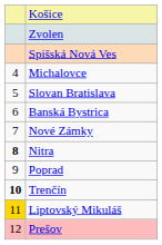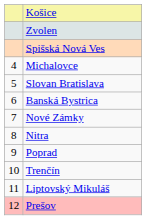 <table class="wikitable" style="width:200px;">
 <tr style="background:#F7F6A8;">
 <td align=center style="width:20px;"></td>
 <td><a href='#'>Košice</a></td>
 </tr>
 <tr style="background:#DCE5E5;">
 <td align=center></td>
 <td><a href='#'>Zvolen</a></td>
 </tr>
 <tr style="background:#FFDAB9;">
 <td align=center></td>
 <td><a href='#'>Spišská Nová Ves</a></td>
 </tr>
 <tr>
 <td align=center>4</td>
 <td><a href='#'>Michalovce</a></td>
 </tr>
 <tr>
 <td align=center>5</td>
 <td><a href='#'>Slovan Bratislava</a></td>
 </tr>
 <tr>
 <td align=center>6</td>
 <td><a href='#'>Banská Bystrica</a></td>
 </tr>
 <tr>
 <td align=center>7</td>
 <td><a href='#'>Nové Zámky</a></td>
 </tr>
 <tr>
-<td align=center><strong>8</strong></td>
+<td align=center>8</td>
 <td><a href='#'>Nitra</a></td>
 </tr>
 <tr>
 <td align=center>9</td>
 <td><a href='#'>Poprad</a></td>
 </tr>
 <tr>
-<td align=center><strong>10</strong></td>
+<td align=center>10</td>
 <td><a href='#'>Trenčín</a></td>
 </tr>
 <tr>
-<td align=center style="background: gold;">11</td>
+<td align=center>11</td>
 <td><a href='#'>Liptovský Mikuláš</a></td>
 </tr>
 <tr style="background:#ffbbbb;">
 <td align=center>12</td>
 <td><a href='#'>Prešov</a></td>
 </tr>
 </table>
